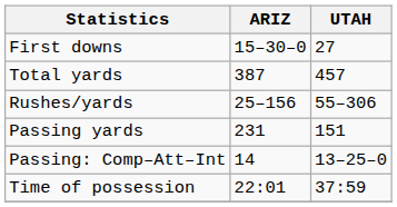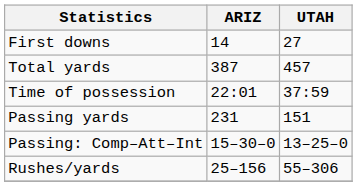 <table class="wikitable" style="float: left;">
 <tr>
 <th>Statistics</th>
 <th>ARIZ</th>
 <th>UTAH</th>
 </tr>
 <tr>
 <td>First downs</td>
-<td>15–30–0</td>
+<td>14</td>
 <td>27</td>
 </tr>
 <tr>
 <td>Total yards</td>
 <td>387</td>
 <td>457</td>
 </tr>
 <tr>
-<td>Rushes/yards</td>
-<td>25–156</td>
-<td>55–306</td>
+<td>Time of possession</td>
+<td>22:01</td>
+<td>37:59</td>
 </tr>
 <tr>
 <td>Passing yards</td>
 <td>231</td>
 <td>151</td>
 </tr>
 <tr>
 <td>Passing: Comp–Att–Int</td>
-<td>14</td>
+<td>15–30–0</td>
 <td>13–25–0</td>
 </tr>
 <tr>
-<td>Time of possession</td>
-<td>22:01</td>
-<td>37:59</td>
+<td>Rushes/yards</td>
+<td>25–156</td>
+<td>55–306</td>
 </tr>
 <tr>
 </tr>
 </table>
